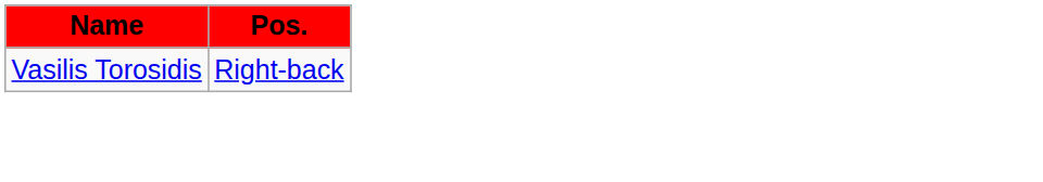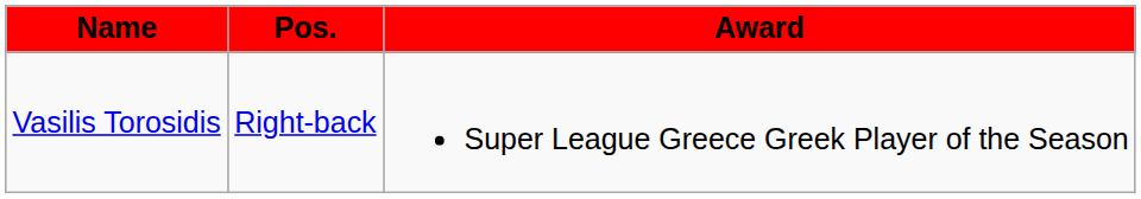 <table class="wikitable">
 <tr>
 <th style="background:#FF0000;">Name</th>
 <th style="background:#FF0000;">Pos.</th>
+<th style="background:#FF0000; !"><strong>Award</strong></th>
 </tr>
 <tr>
 <td> <a href='#'>Vasilis Torosidis</a></td>
 <td><a href='#'>Right-back</a></td>
+<td><br><ul><li>Super League Greece Greek Player of the Season</li></ul></td>
 </tr>
 </table>
